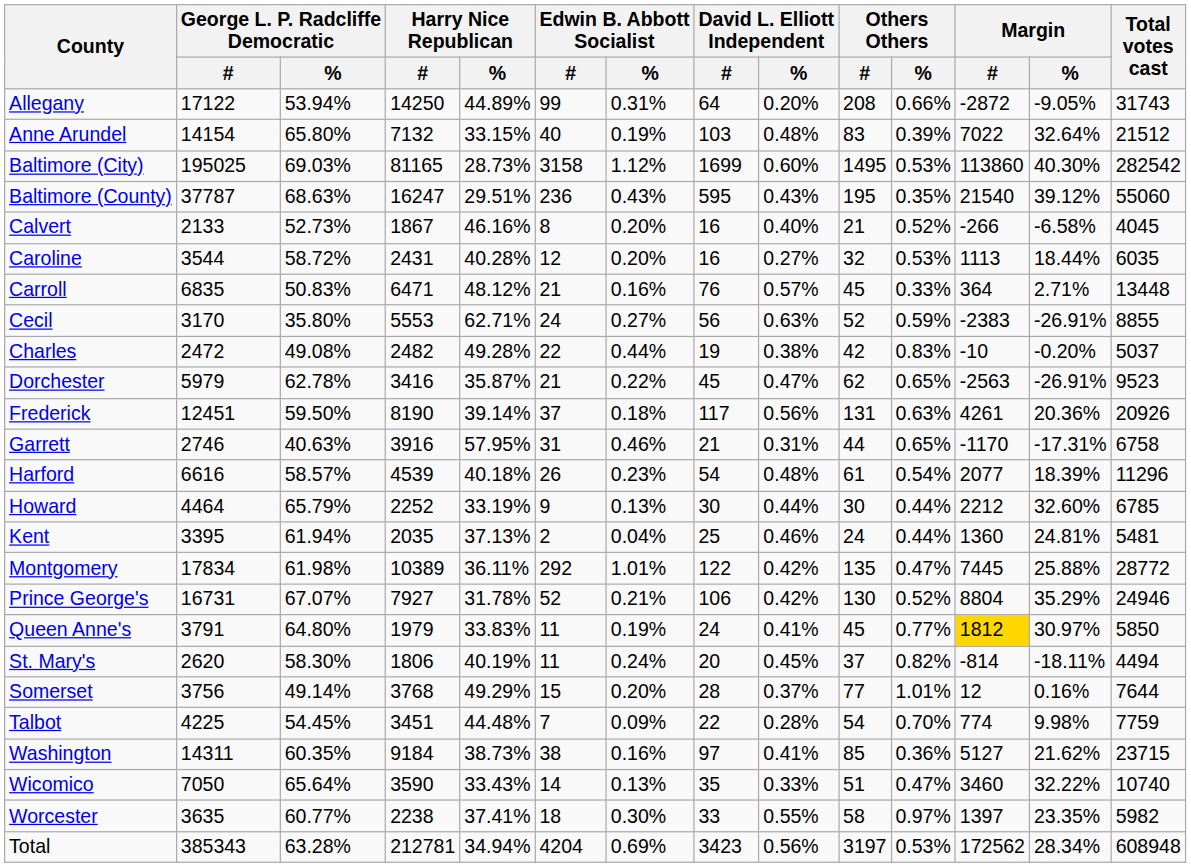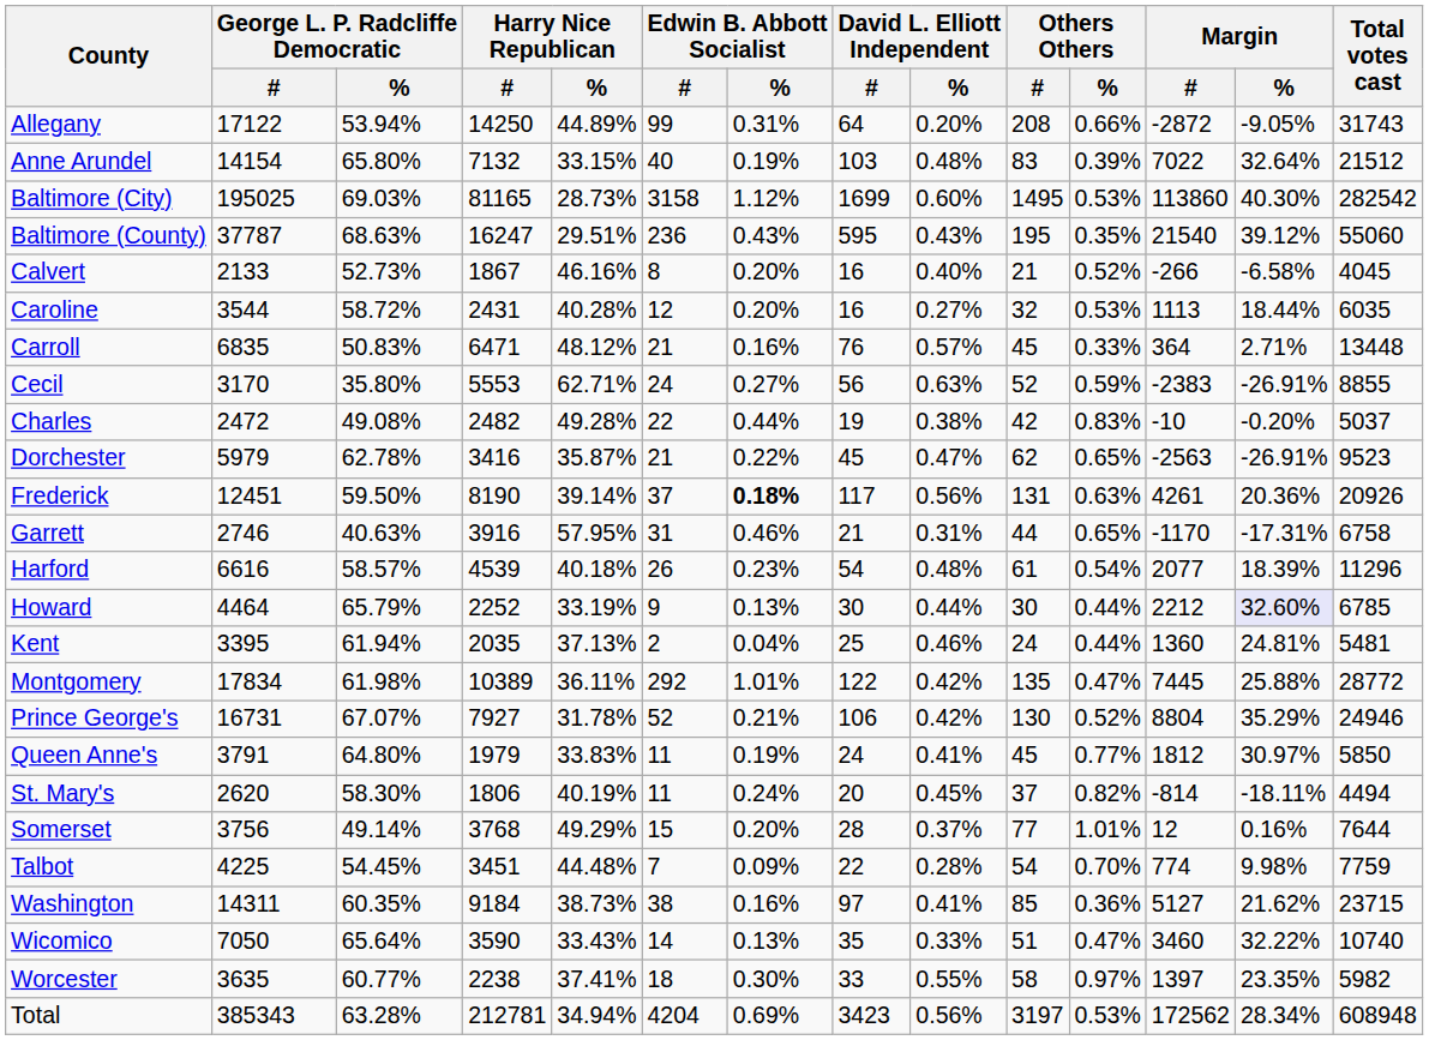 <table class="wikitable sortable">
 <tr>
 <th rowspan="2">County</th>
 <th colspan="2" >George L. P. Radcliffe<br>Democratic</th>
 <th colspan="2" >Harry Nice<br>Republican</th>
 <th colspan="2" >Edwin B. Abbott<br>Socialist</th>
 <th colspan="2" >David L. Elliott<br>Independent</th>
 <th colspan="2" >Others<br>Others</th>
 <th colspan="2">Margin</th>
 <th rowspan="2">Total<br>votes<br>cast</th>
 </tr>
 <tr>
 <th>#</th>
 <th>%</th>
 <th>#</th>
 <th>%</th>
 <th>#</th>
 <th>%</th>
 <th>#</th>
 <th>%</th>
 <th>#</th>
 <th>%</th>
 <th>#</th>
 <th>%</th>
 </tr>
 <tr>
 <td><a href='#'>Allegany</a></td>
 <td>17122</td>
 <td>53.94%</td>
 <td>14250</td>
 <td>44.89%</td>
 <td>99</td>
 <td>0.31%</td>
 <td>64</td>
 <td>0.20%</td>
 <td>208</td>
 <td>0.66%</td>
 <td>-2872</td>
 <td>-9.05%</td>
 <td>31743</td>
 </tr>
 <tr>
 <td><a href='#'>Anne Arundel</a></td>
 <td>14154</td>
 <td>65.80%</td>
 <td>7132</td>
 <td>33.15%</td>
 <td>40</td>
 <td>0.19%</td>
 <td>103</td>
 <td>0.48%</td>
 <td>83</td>
 <td>0.39%</td>
 <td>7022</td>
 <td>32.64%</td>
 <td>21512</td>
 </tr>
 <tr>
 <td><a href='#'>Baltimore (City)</a></td>
 <td>195025</td>
 <td>69.03%</td>
 <td>81165</td>
 <td>28.73%</td>
 <td>3158</td>
 <td>1.12%</td>
 <td>1699</td>
 <td>0.60%</td>
 <td>1495</td>
 <td>0.53%</td>
 <td>113860</td>
 <td>40.30%</td>
 <td>282542</td>
 </tr>
 <tr>
 <td><a href='#'>Baltimore (County)</a></td>
 <td>37787</td>
 <td>68.63%</td>
 <td>16247</td>
 <td>29.51%</td>
 <td>236</td>
 <td>0.43%</td>
 <td>595</td>
 <td>0.43%</td>
 <td>195</td>
 <td>0.35%</td>
 <td>21540</td>
 <td>39.12%</td>
 <td>55060</td>
 </tr>
 <tr>
 <td><a href='#'>Calvert</a></td>
 <td>2133</td>
 <td>52.73%</td>
 <td>1867</td>
 <td>46.16%</td>
 <td>8</td>
 <td>0.20%</td>
 <td>16</td>
 <td>0.40%</td>
 <td>21</td>
 <td>0.52%</td>
 <td>-266</td>
 <td>-6.58%</td>
 <td>4045</td>
 </tr>
 <tr>
 <td><a href='#'>Caroline</a></td>
 <td>3544</td>
 <td>58.72%</td>
 <td>2431</td>
 <td>40.28%</td>
 <td>12</td>
 <td>0.20%</td>
 <td>16</td>
 <td>0.27%</td>
 <td>32</td>
 <td>0.53%</td>
 <td>1113</td>
 <td>18.44%</td>
 <td>6035</td>
 </tr>
 <tr>
 <td><a href='#'>Carroll</a></td>
 <td>6835</td>
 <td>50.83%</td>
 <td>6471</td>
 <td>48.12%</td>
 <td>21</td>
 <td>0.16%</td>
 <td>76</td>
 <td>0.57%</td>
 <td>45</td>
 <td>0.33%</td>
 <td>364</td>
 <td>2.71%</td>
 <td>13448</td>
 </tr>
 <tr>
 <td><a href='#'>Cecil</a></td>
 <td>3170</td>
 <td>35.80%</td>
 <td>5553</td>
 <td>62.71%</td>
 <td>24</td>
 <td>0.27%</td>
 <td>56</td>
 <td>0.63%</td>
 <td>52</td>
 <td>0.59%</td>
 <td>-2383</td>
 <td>-26.91%</td>
 <td>8855</td>
 </tr>
 <tr>
 <td><a href='#'>Charles</a></td>
 <td>2472</td>
 <td>49.08%</td>
 <td>2482</td>
 <td>49.28%</td>
 <td>22</td>
 <td>0.44%</td>
 <td>19</td>
 <td>0.38%</td>
 <td>42</td>
 <td>0.83%</td>
 <td>-10</td>
 <td>-0.20%</td>
 <td>5037</td>
 </tr>
 <tr>
 <td><a href='#'>Dorchester</a></td>
 <td>5979</td>
 <td>62.78%</td>
 <td>3416</td>
 <td>35.87%</td>
 <td>21</td>
 <td>0.22%</td>
 <td>45</td>
 <td>0.47%</td>
 <td>62</td>
 <td>0.65%</td>
 <td>-2563</td>
 <td>-26.91%</td>
 <td>9523</td>
 </tr>
 <tr>
 <td><a href='#'>Frederick</a></td>
 <td>12451</td>
 <td>59.50%</td>
 <td>8190</td>
 <td>39.14%</td>
 <td>37</td>
-<td>0.18%</td>
+<td><strong>0.18%</strong></td>
 <td>117</td>
 <td>0.56%</td>
 <td>131</td>
 <td>0.63%</td>
 <td>4261</td>
 <td>20.36%</td>
 <td>20926</td>
 </tr>
 <tr>
 <td><a href='#'>Garrett</a></td>
 <td>2746</td>
 <td>40.63%</td>
 <td>3916</td>
 <td>57.95%</td>
 <td>31</td>
 <td>0.46%</td>
 <td>21</td>
 <td>0.31%</td>
 <td>44</td>
 <td>0.65%</td>
 <td>-1170</td>
 <td>-17.31%</td>
 <td>6758</td>
 </tr>
 <tr>
 <td><a href='#'>Harford</a></td>
 <td>6616</td>
 <td>58.57%</td>
 <td>4539</td>
 <td>40.18%</td>
 <td>26</td>
 <td>0.23%</td>
 <td>54</td>
 <td>0.48%</td>
 <td>61</td>
 <td>0.54%</td>
 <td>2077</td>
 <td>18.39%</td>
 <td>11296</td>
 </tr>
 <tr>
 <td><a href='#'>Howard</a></td>
 <td>4464</td>
 <td>65.79%</td>
 <td>2252</td>
 <td>33.19%</td>
 <td>9</td>
 <td>0.13%</td>
 <td>30</td>
 <td>0.44%</td>
 <td>30</td>
 <td>0.44%</td>
 <td>2212</td>
-<td>32.60%</td>
+<td style="background: lavender;">32.60%</td>
 <td>6785</td>
 </tr>
 <tr>
 <td><a href='#'>Kent</a></td>
 <td>3395</td>
 <td>61.94%</td>
 <td>2035</td>
 <td>37.13%</td>
 <td>2</td>
 <td>0.04%</td>
 <td>25</td>
 <td>0.46%</td>
 <td>24</td>
 <td>0.44%</td>
 <td>1360</td>
 <td>24.81%</td>
 <td>5481</td>
 </tr>
 <tr>
 <td><a href='#'>Montgomery</a></td>
 <td>17834</td>
 <td>61.98%</td>
 <td>10389</td>
 <td>36.11%</td>
 <td>292</td>
 <td>1.01%</td>
 <td>122</td>
 <td>0.42%</td>
 <td>135</td>
 <td>0.47%</td>
 <td>7445</td>
 <td>25.88%</td>
 <td>28772</td>
 </tr>
 <tr>
 <td><a href='#'>Prince George's</a></td>
 <td>16731</td>
 <td>67.07%</td>
 <td>7927</td>
 <td>31.78%</td>
 <td>52</td>
 <td>0.21%</td>
 <td>106</td>
 <td>0.42%</td>
 <td>130</td>
 <td>0.52%</td>
 <td>8804</td>
 <td>35.29%</td>
 <td>24946</td>
 </tr>
 <tr>
 <td><a href='#'>Queen Anne's</a></td>
 <td>3791</td>
 <td>64.80%</td>
 <td>1979</td>
 <td>33.83%</td>
 <td>11</td>
 <td>0.19%</td>
 <td>24</td>
 <td>0.41%</td>
 <td>45</td>
 <td>0.77%</td>
-<td style="background: gold;">1812</td>
+<td>1812</td>
 <td>30.97%</td>
 <td>5850</td>
 </tr>
 <tr>
 <td><a href='#'>St. Mary's</a></td>
 <td>2620</td>
 <td>58.30%</td>
 <td>1806</td>
 <td>40.19%</td>
 <td>11</td>
 <td>0.24%</td>
 <td>20</td>
 <td>0.45%</td>
 <td>37</td>
 <td>0.82%</td>
 <td>-814</td>
 <td>-18.11%</td>
 <td>4494</td>
 </tr>
 <tr>
 <td><a href='#'>Somerset</a></td>
 <td>3756</td>
 <td>49.14%</td>
 <td>3768</td>
 <td>49.29%</td>
 <td>15</td>
 <td>0.20%</td>
 <td>28</td>
 <td>0.37%</td>
 <td>77</td>
 <td>1.01%</td>
 <td>12</td>
 <td>0.16%</td>
 <td>7644</td>
 </tr>
 <tr>
 <td><a href='#'>Talbot</a></td>
 <td>4225</td>
 <td>54.45%</td>
 <td>3451</td>
 <td>44.48%</td>
 <td>7</td>
 <td>0.09%</td>
 <td>22</td>
 <td>0.28%</td>
 <td>54</td>
 <td>0.70%</td>
 <td>774</td>
 <td>9.98%</td>
 <td>7759</td>
 </tr>
 <tr>
 <td><a href='#'>Washington</a></td>
 <td>14311</td>
 <td>60.35%</td>
 <td>9184</td>
 <td>38.73%</td>
 <td>38</td>
 <td>0.16%</td>
 <td>97</td>
 <td>0.41%</td>
 <td>85</td>
 <td>0.36%</td>
 <td>5127</td>
 <td>21.62%</td>
 <td>23715</td>
 </tr>
 <tr>
 <td><a href='#'>Wicomico</a></td>
 <td>7050</td>
 <td>65.64%</td>
 <td>3590</td>
 <td>33.43%</td>
 <td>14</td>
 <td>0.13%</td>
 <td>35</td>
 <td>0.33%</td>
 <td>51</td>
 <td>0.47%</td>
 <td>3460</td>
 <td>32.22%</td>
 <td>10740</td>
 </tr>
 <tr>
 <td><a href='#'>Worcester</a></td>
 <td>3635</td>
 <td>60.77%</td>
 <td>2238</td>
 <td>37.41%</td>
 <td>18</td>
 <td>0.30%</td>
 <td>33</td>
 <td>0.55%</td>
 <td>58</td>
 <td>0.97%</td>
 <td>1397</td>
 <td>23.35%</td>
 <td>5982</td>
 </tr>
 <tr>
 <td>Total</td>
 <td>385343</td>
 <td>63.28%</td>
 <td>212781</td>
 <td>34.94%</td>
 <td>4204</td>
 <td>0.69%</td>
 <td>3423</td>
 <td>0.56%</td>
 <td>3197</td>
 <td>0.53%</td>
 <td>172562</td>
 <td>28.34%</td>
 <td>608948</td>
 </tr>
 </table>
